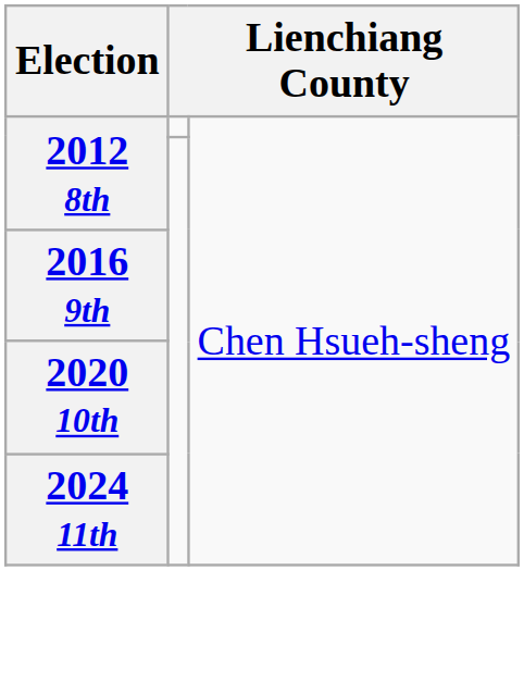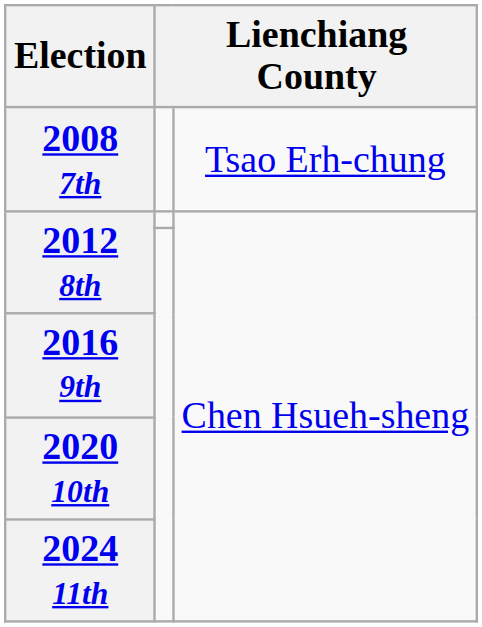 <table class="wikitable" align="center" style="text-align:center">
 <tr>
 <th>Election</th>
 <th colspan=2 width="80px">Lienchiang County</th>
+</tr>
+<tr>
+<th><a href='#'>2008</a><br><small><em><a href='#'>7th</a></em></small><br></th>
+<td style="color:inherit;background:"></td>
+<td><a href='#'>Tsao Erh-chung</a></td>
 </tr>
 <tr>
 <th rowspan=2><a href='#'>2012</a><br><small><em><a href='#'>8th</a></em></small><br></th>
 <td style="color:inherit;background:"></td>
 <td rowspan="5"><a href='#'>Chen Hsueh-sheng</a></td>
 </tr>
 <tr>
 <td rowspan="4" style="color:inherit;background:"></td>
 </tr>
 <tr>
 <th><a href='#'>2016</a><br><small><em><a href='#'>9th</a></em></small><br></th>
 </tr>
 <tr>
 <th><a href='#'>2020</a><br><small><em><a href='#'>10th</a></em></small><br></th>
 </tr>
 <tr>
 <th><a href='#'>2024</a><br><small><em><a href='#'>11th</a></em></small><br></th>
 </tr>
 </table>
